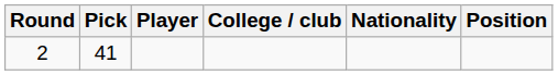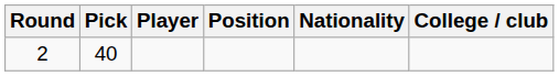 <table class="wikitable sortable sortable">
 <tr>
 <th>Round</th>
 <th>Pick</th>
 <th>Player</th>
+<th>Position</th>
+<th>Nationality</th>
 <th>College / club</th>
-<th>Nationality</th>
-<th>Position</th>
 </tr>
 <tr style="text-align: center">
 <td>2</td>
-<td>41</td>
+<td>40</td>
 <td></td>
 <td></td>
 <td></td>
 <td></td>
 </tr>
 </table>
